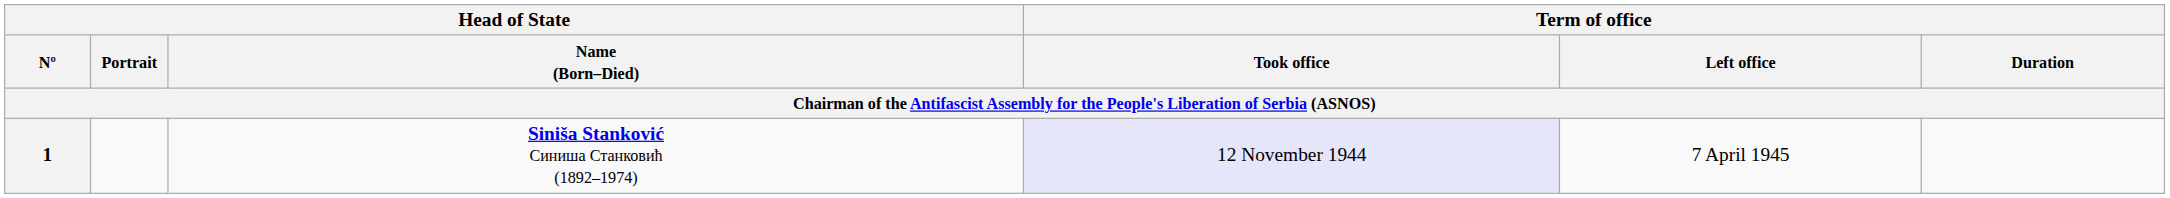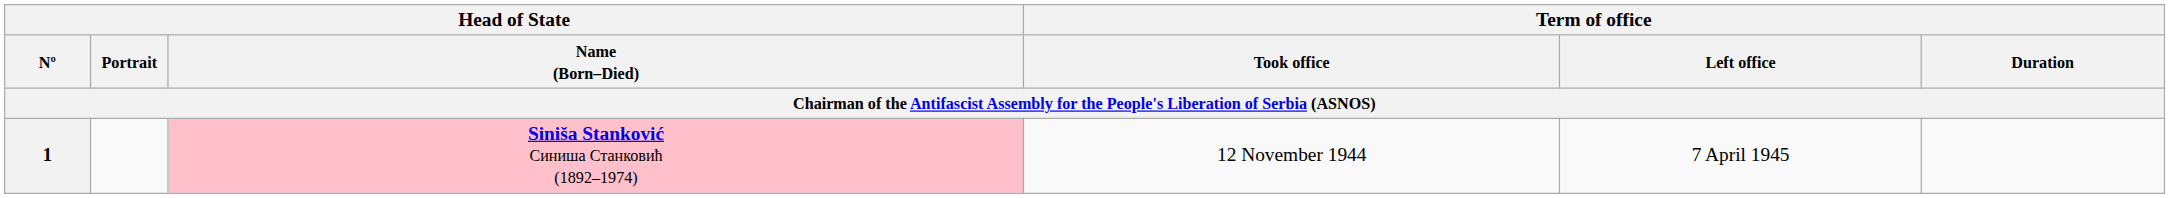 <table class="wikitable" style="text-align:center; width:90%">
 <tr>
 <th width=35% colspan=3>Head of State</th>
 <th width=40% colspan=3>Term of office</th>
 </tr>
 <tr>
 <th width=3%><small>Nº</small></th>
 <th><small>Portrait</small></th>
 <th width=30%><small>Name<br>(Born–Died)</small></th>
 <th><small>Took office</small></th>
 <th><small>Left office</small></th>
 <th><small>Duration</small></th>
 </tr>
 <tr>
 <th colspan=8><small>Chairman of the <a href='#'>Antifascist Assembly for the People's Liberation of Serbia</a> (ASNOS)</small></th>
 </tr>
 <tr>
 <th style="background:">1</th>
 <td></td>
-<td><strong><a href='#'>Siniša Stanković</a></strong><br><small>Синиша Станковић<br>(1892–1974)</small></td>
-<td style="background: lavender;">12 November 1944</td>
+<td style="background: pink;"><strong><a href='#'>Siniša Stanković</a></strong><br><small>Синиша Станковић<br>(1892–1974)</small></td>
+<td>12 November 1944</td>
 <td>7 April 1945</td>
 <td></td>
 </tr>
 </table>
